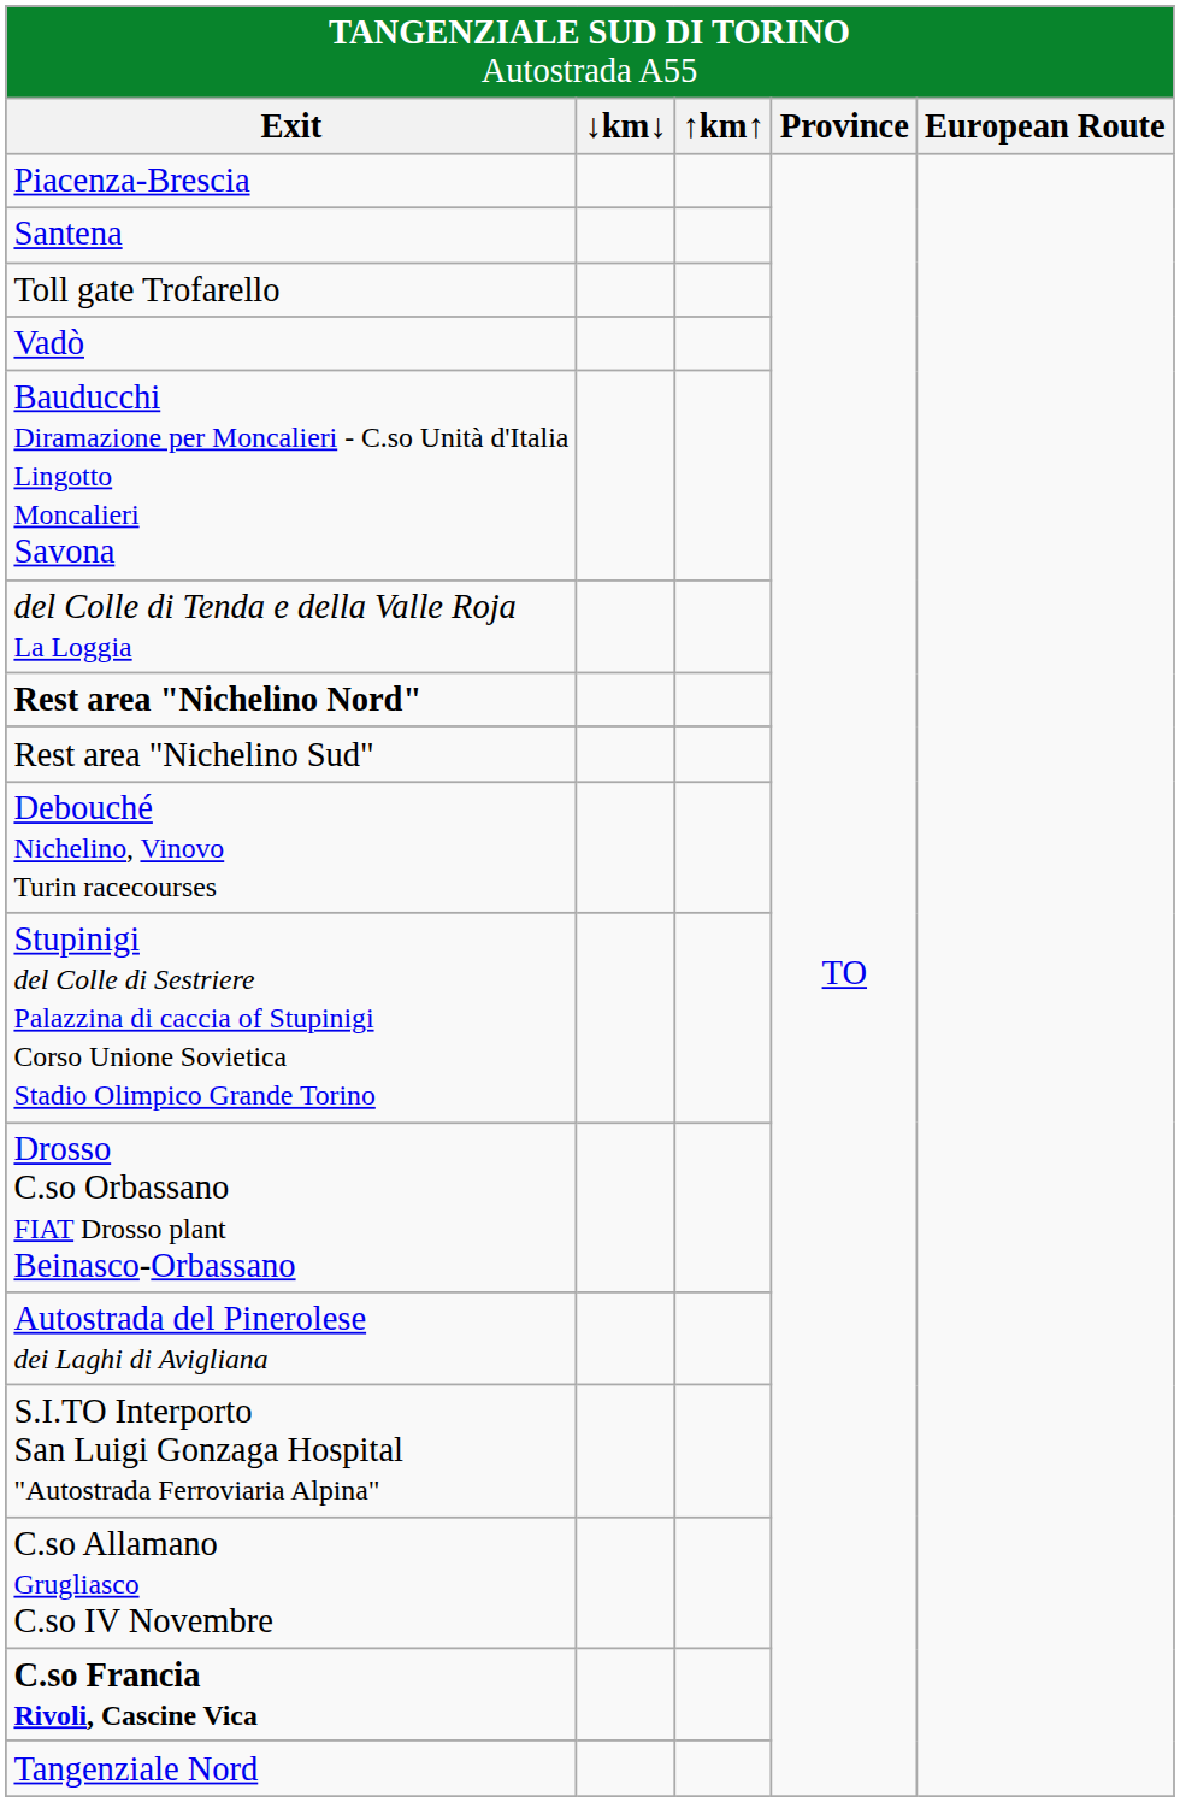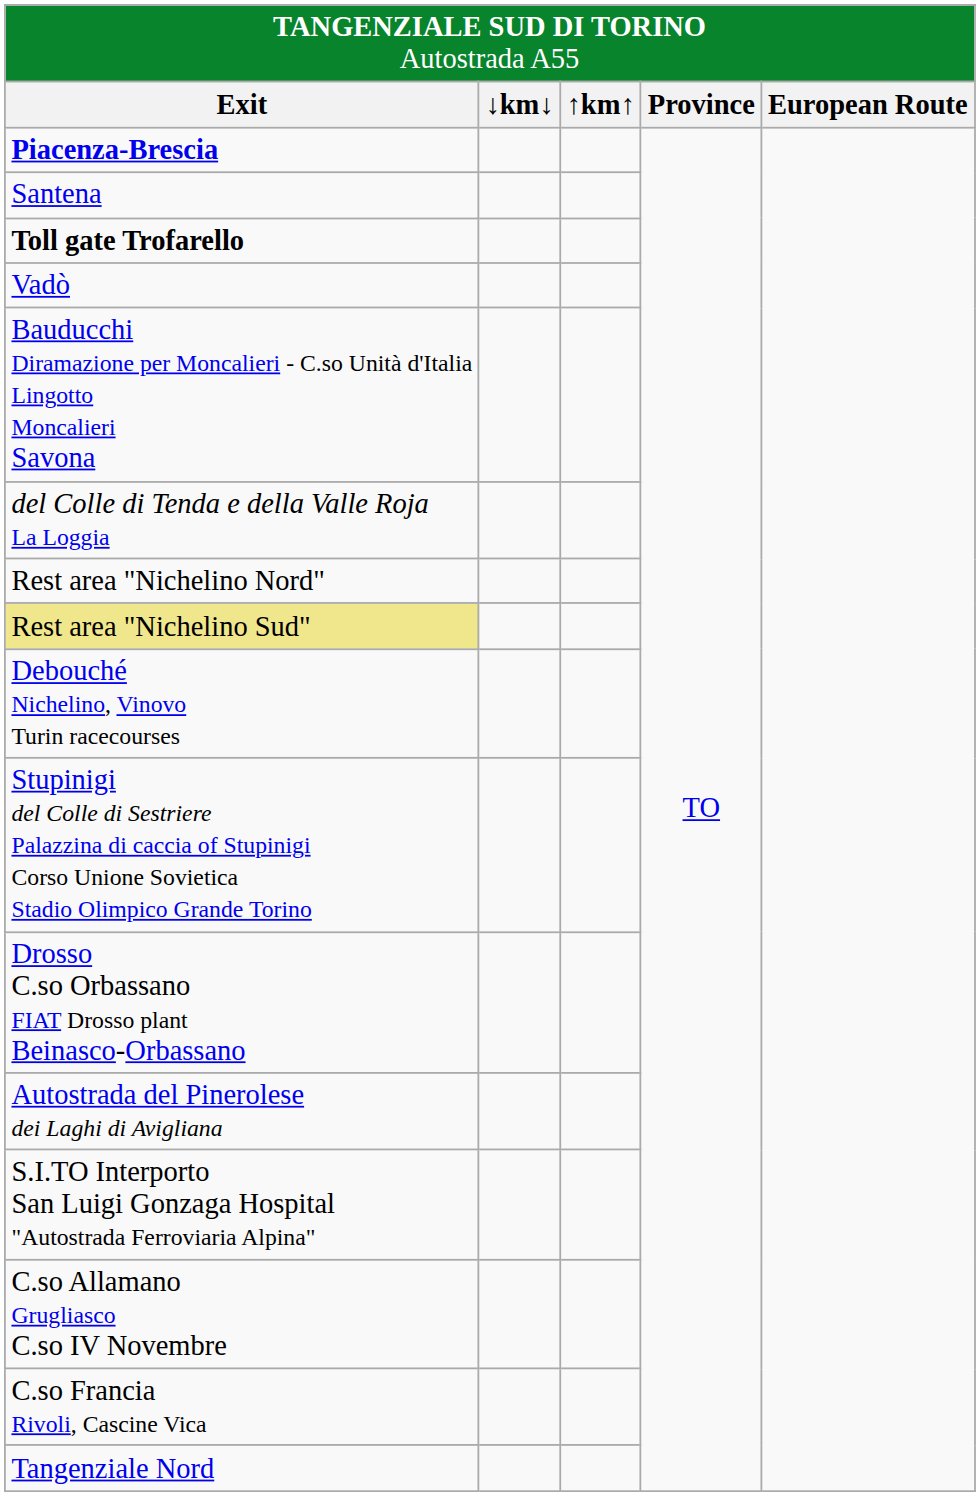 <table class="wikitable" border="1">
 <tr>
 </tr>
 <tr align="center" bgcolor="08842C" style="color: white;font-size:100%;">
 <td colspan="6"><strong> TANGENZIALE SUD DI TORINO</strong><br>Autostrada A55</td>
 </tr>
 <tr>
 <th style="text-align:center;"><strong>Exit</strong></th>
 <th style="text-align:center;"><strong>↓km↓</strong></th>
 <th style="text-align:center;"><strong>↑km↑</strong></th>
 <th align="center"><strong>Province</strong></th>
 <th align="center"><strong>European Route</strong></th>
 </tr>
 <tr>
-<td>  <a href='#'>Piacenza-Brescia</a></td>
+<td><strong>  <a href='#'>Piacenza-Brescia</a></strong></td>
 <td align="right"></td>
 <td align="right"></td>
 <td rowspan="16" align="center"><a href='#'>TO</a></td>
 <td rowspan=16 align="center"></td>
 </tr>
 <tr>
 <td> <a href='#'>Santena</a></td>
 <td align="right"></td>
 <td align="right"></td>
 </tr>
 <tr>
-<td> Toll gate Trofarello</td>
+<td><strong> Toll gate Trofarello</strong></td>
 <td align="right"></td>
 <td align="right"></td>
 </tr>
 <tr>
 <td> <a href='#'>Vadò</a> </td>
 <td align="right"></td>
 <td align="right"></td>
 </tr>
 <tr>
 <td> <a href='#'>Bauducchi</a><br><small> <a href='#'>Diramazione per Moncalieri</a> - C.so Unità d'Italia<br> <a href='#'>Lingotto</a><br><a href='#'>Moncalieri</a> </small><br>  <a href='#'>Savona</a></td>
 <td align="right"></td>
 <td align="right"></td>
 </tr>
 <tr>
 <td>  <em>del Colle di Tenda e della Valle Roja</em><br><small><a href='#'>La Loggia</a></small></td>
 <td align="right"></td>
 <td align="right"></td>
 </tr>
 <tr>
-<td><strong> Rest area "Nichelino Nord"</strong></td>
+<td> Rest area "Nichelino Nord"</td>
 <td align="right"></td>
 <td align="right"></td>
 </tr>
 <tr>
-<td> Rest area "Nichelino Sud"</td>
+<td style="background: khaki;"> Rest area "Nichelino Sud"</td>
 <td align="right"></td>
 <td align="right"></td>
 </tr>
 <tr>
 <td> <a href='#'>Debouché</a><br><small><a href='#'>Nichelino</a>, <a href='#'>Vinovo</a><br> Turin racecourses</small></td>
 <td align="right"></td>
 <td align="right"></td>
 </tr>
 <tr>
 <td> <a href='#'>Stupinigi</a><br><small> <em>del Colle di Sestriere</em></small><br><small> <a href='#'>Palazzina di caccia of Stupinigi</a></small><br><small>Corso Unione Sovietica<br> <a href='#'>Stadio Olimpico Grande Torino</a></small></td>
 <td align="right"></td>
 <td align="right"></td>
 </tr>
 <tr>
 <td> <a href='#'>Drosso</a><br> C.so Orbassano<br><small>  <a href='#'>FIAT</a> Drosso plant</small><br><a href='#'>Beinasco</a>-<a href='#'>Orbassano</a></td>
 <td align="right"></td>
 <td align="right"></td>
 </tr>
 <tr>
 <td>  <a href='#'>Autostrada del Pinerolese</a><br><small> <em>dei Laghi di Avigliana</em></small></td>
 <td align="right"></td>
 <td align="right"></td>
 </tr>
 <tr>
 <td> S.I.TO Interporto<br> San Luigi Gonzaga Hospital<br><small> "Autostrada Ferroviaria Alpina"</small><br></td>
 <td align="right"></td>
 <td align="right"></td>
 </tr>
 <tr>
 <td> C.so Allamano<br><small> <a href='#'>Grugliasco</a></small><br>C.so IV Novembre<br></td>
 <td align="right"></td>
 <td align="right"></td>
 </tr>
 <tr>
-<td><strong> C.so Francia<br><small><a href='#'>Rivoli</a>, Cascine Vica</small></strong></td>
+<td> C.so Francia<br><small><a href='#'>Rivoli</a>, Cascine Vica</small></td>
 <td align="right"></td>
 <td align="right"></td>
 </tr>
 <tr>
 <td>  <a href='#'>Tangenziale Nord</a></td>
 <td align="right"></td>
 <td align="right"></td>
 </tr>
 </table>
